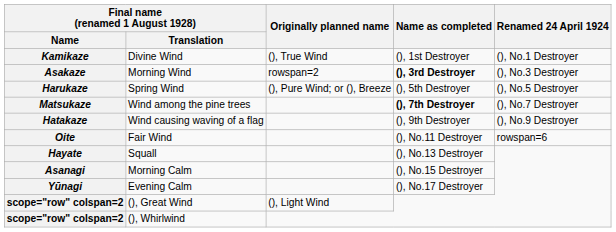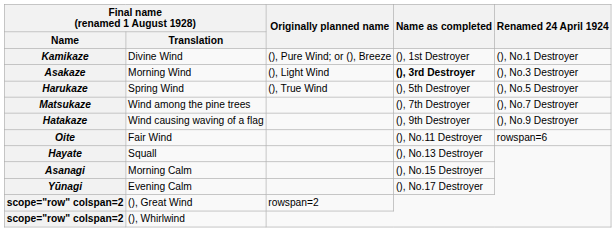 <table class="wikitable plainrowheaders">
 <tr>
 <th scope="col" colspan=2>Final name<br>(renamed 1 August 1928)</th>
 <th scope="col" rowspan=2>Originally planned name</th>
 <th scope="col" rowspan=2>Name as completed</th>
 <th scope="col" rowspan=2>Renamed 24 April 1924</th>
 </tr>
 <tr>
 <th scope="col">Name</th>
 <th scope="col">Translation</th>
 </tr>
 <tr>
 <th scope="row"><em>Kamikaze</em></th>
 <td>Divine Wind</td>
-<td> (), True Wind</td>
+<td>  (), Pure Wind; or  (), Breeze</td>
 <td> (), 1st Destroyer</td>
 <td> (), No.1 Destroyer</td>
 </tr>
 <tr>
 <th scope="row"><em>Asakaze</em></th>
 <td>Morning Wind</td>
-<td>rowspan=2 </td>
+<td> (), Light Wind</td>
 <td><strong> (), 3rd Destroyer</strong></td>
 <td> (), No.3 Destroyer</td>
 </tr>
 <tr>
 <th scope="row"><em>Harukaze</em></th>
 <td>Spring Wind</td>
-<td>  (), Pure Wind; or  (), Breeze</td>
+<td> (), True Wind</td>
 <td> (), 5th Destroyer</td>
 <td> (), No.5 Destroyer</td>
 </tr>
 <tr>
 <th scope="row"><em>Matsukaze</em></th>
 <td>Wind among the pine trees</td>
 <td></td>
-<td><strong> (), 7th Destroyer</strong></td>
+<td> (), 7th Destroyer</td>
 <td> (), No.7 Destroyer</td>
 </tr>
 <tr>
 <th scope="row"><em>Hatakaze</em></th>
 <td>Wind causing waving of a flag</td>
 <td></td>
 <td> (), 9th Destroyer</td>
 <td> (), No.9 Destroyer</td>
 </tr>
 <tr>
 <th scope="row"><em>Oite</em></th>
 <td>Fair Wind</td>
 <td></td>
 <td> (), No.11 Destroyer</td>
 <td>rowspan=6 </td>
 </tr>
 <tr>
 <th scope="row"><em>Hayate</em></th>
 <td>Squall</td>
 <td></td>
 <td> (), No.13 Destroyer</td>
 </tr>
 <tr>
 <th scope="row"><em>Asanagi</em></th>
 <td>Morning Calm</td>
 <td></td>
 <td> (), No.15 Destroyer</td>
 </tr>
 <tr>
 <th scope="row"><em>Yūnagi</em></th>
 <td>Evening Calm</td>
 <td></td>
 <td> (), No.17 Destroyer</td>
 </tr>
 <tr>
 <th>scope="row" colspan=2 </th>
 <td> (), Great Wind</td>
-<td> (), Light Wind</td>
+<td>rowspan=2 </td>
 </tr>
 <tr>
 <th>scope="row" colspan=2 </th>
 <td> (), Whirlwind</td>
 </tr>
 </table>
